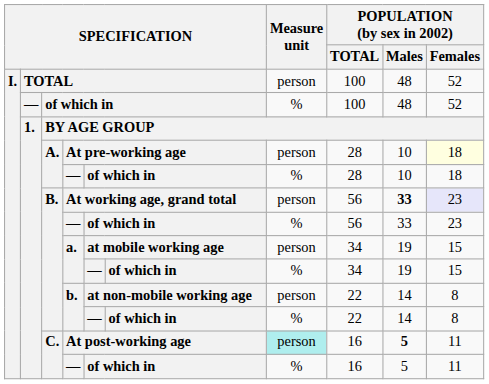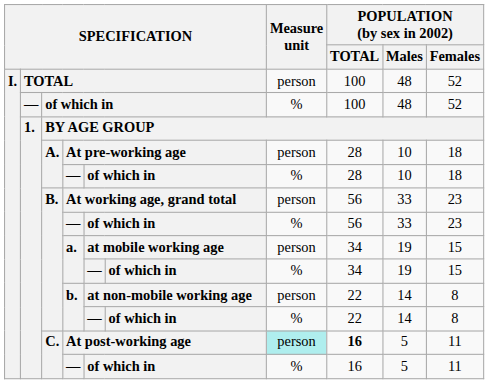 <table class="wikitable" style="font-size:85%; text-align:center">
 <tr>
 <th rowspan="2" colspan="6">SPECIFICATION</th>
 <th rowspan="2">Measure<br> unit</th>
 <th colspan="3" rowspan="1">POPULATION<br> (by sex in 2002)</th>
 </tr>
 <tr>
 <th>TOTAL</th>
 <th>Males</th>
 <th>Females</th>
 </tr>
 <tr>
 <th style="text-align:left" valign="top" rowspan="13">I.</th>
 <th style="text-align:left" colspan="5">TOTAL</th>
 <td>person</td>
 <td>100</td>
 <td>48</td>
 <td>52</td>
 </tr>
 <tr>
 <th style="text-align:left" valign="top">—</th>
 <th style="text-align:left" colspan="4">of which in</th>
 <td>%</td>
 <td>100</td>
 <td>48</td>
 <td>52</td>
 </tr>
 <tr>
 <th style="text-align:left" valign="top" rowspan="11">1.</th>
 <th style="text-align:left" colspan="19">BY AGE GROUP</th>
 </tr>
 <tr>
 <th style="text-align:left" valign="top" rowspan="2">A.</th>
 <th style="text-align:left" colspan="3">At pre-working age</th>
 <td>person</td>
 <td>28</td>
 <td>10</td>
-<td style="background: lightyellow;">18</td>
+<td>18</td>
 </tr>
 <tr>
 <th style="text-align:left" valign="top">—</th>
 <th style="text-align:left" valign="top" colspan="2">of which in</th>
 <td>%</td>
 <td>28</td>
 <td>10</td>
 <td>18</td>
 </tr>
 <tr>
 <th style="text-align:left" valign="top" rowspan="6">B.</th>
 <th style="text-align:left" colspan="3">At working age, grand total</th>
 <td>person</td>
 <td>56</td>
-<td><strong>33</strong></td>
-<td style="background: lavender;">23</td>
+<td>33</td>
+<td>23</td>
 </tr>
 <tr>
 <th style="text-align:left" valign="top">—</th>
 <th style="text-align:left" valign="top" colspan="2">of which in</th>
 <td>%</td>
 <td>56</td>
 <td>33</td>
 <td>23</td>
 </tr>
 <tr>
 <th style="text-align:left" valign="top" rowspan="2">a.</th>
 <th style="text-align:left" colspan="2">at mobile working age</th>
 <td>person</td>
 <td>34</td>
 <td>19</td>
 <td>15</td>
 </tr>
 <tr>
 <th style="text-align:left" valign="top">—</th>
 <th style="text-align:left" valign="top" colspan="1">of which in                        </th>
 <td>%</td>
 <td>34</td>
 <td>19</td>
 <td>15</td>
 </tr>
 <tr>
 <th style="text-align:left" valign="top" rowspan="2">b.</th>
 <th style="text-align:left" colspan="2">at non-mobile working age</th>
 <td>person</td>
 <td>22</td>
 <td>14</td>
 <td>8</td>
 </tr>
 <tr>
 <th style="text-align:left" valign="top">—</th>
 <th style="text-align:left" valign="top" colspan="1">of which in                        </th>
 <td>%</td>
 <td>22</td>
 <td>14</td>
 <td>8</td>
 </tr>
 <tr>
 <th style="text-align:left" valign="top" rowspan="2">C.</th>
 <th style="text-align:left" colspan="3">At post-working age</th>
 <td style="background: paleturquoise;">person</td>
-<td>16</td>
-<td><strong>5</strong></td>
+<td><strong>16</strong></td>
+<td>5</td>
 <td>11</td>
 </tr>
 <tr>
 <th style="text-align:left" valign="top">—</th>
 <th style="text-align:left" valign="top" colspan="2">of which in</th>
 <td>%</td>
 <td>16</td>
 <td>5</td>
 <td>11</td>
 </tr>
 </table>
